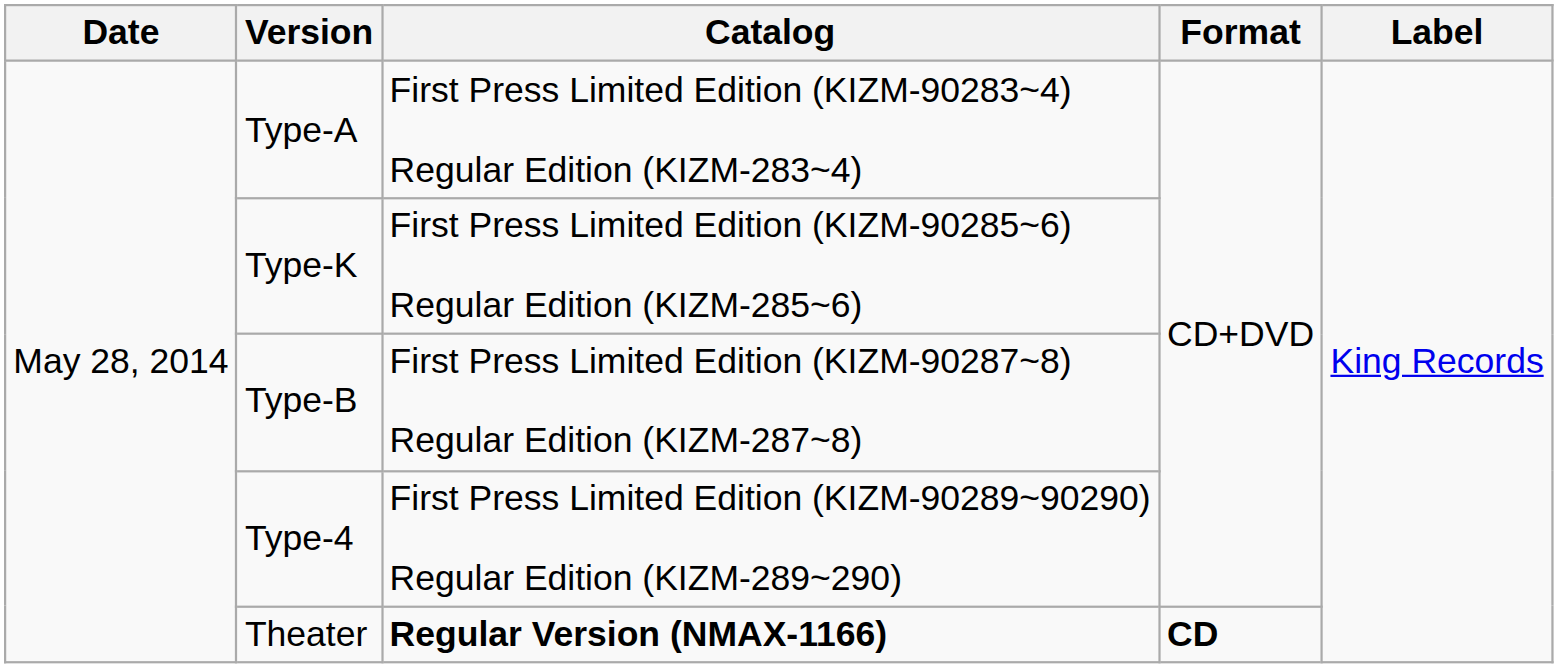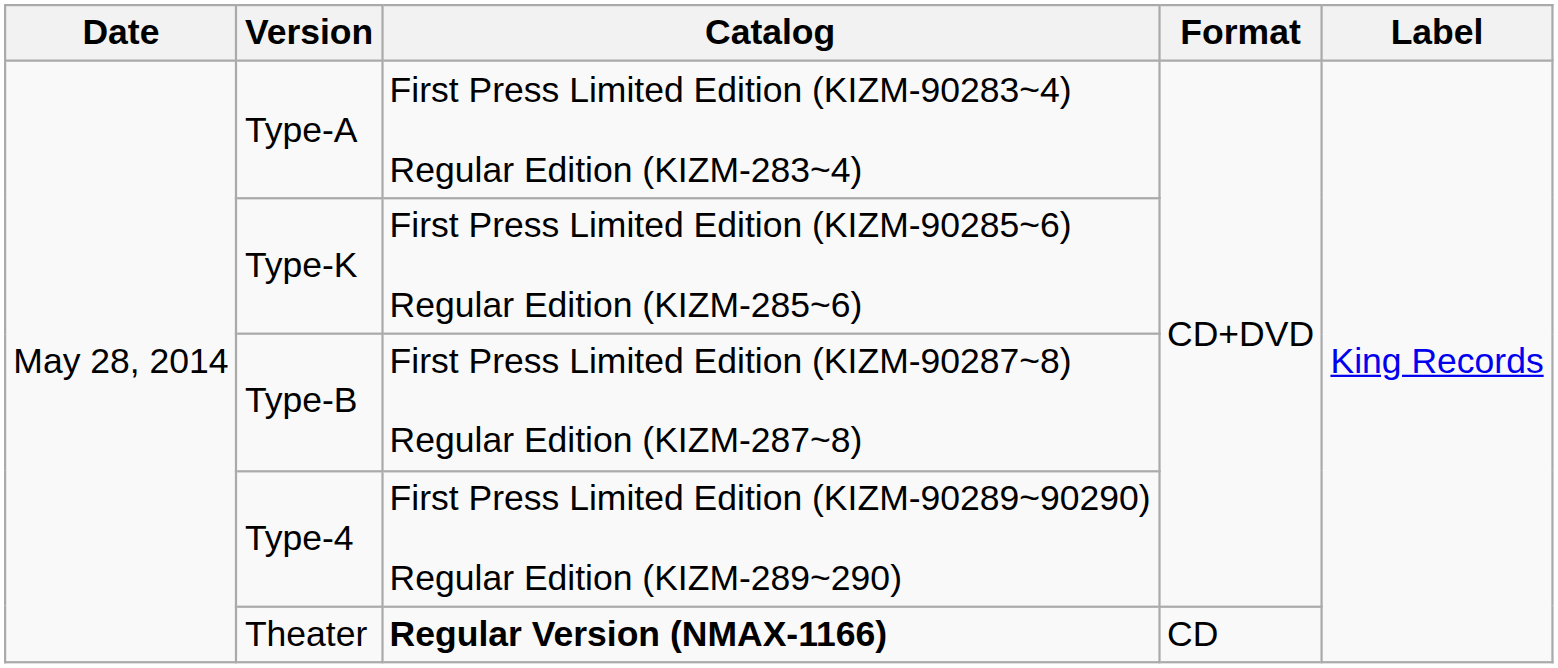 <table class="wikitable plainrowheaders">
 <tr>
 <th scope="col">Date</th>
 <th>Version</th>
 <th>Catalog</th>
 <th>Format</th>
 <th>Label</th>
 </tr>
 <tr>
 <td scope="row" rowspan="5">May 28, 2014</td>
 <td>Type-A</td>
 <td>First Press Limited Edition (KIZM-90283~4)<br><br>Regular Edition (KIZM-283~4)</td>
 <td scope="row" rowspan="4">CD+DVD</td>
 <td scope="row" rowspan="5"><a href='#'>King Records</a></td>
 </tr>
 <tr>
 <td>Type-K</td>
 <td>First Press Limited Edition (KIZM-90285~6)<br><br>Regular Edition (KIZM-285~6)</td>
 </tr>
 <tr>
 <td>Type-B</td>
 <td>First Press Limited Edition (KIZM-90287~8)<br><br>Regular Edition (KIZM-287~8)</td>
 </tr>
 <tr>
 <td>Type-4</td>
 <td>First Press Limited Edition (KIZM-90289~90290)<br><br>Regular Edition (KIZM-289~290)</td>
 </tr>
 <tr>
 <td>Theater</td>
 <td><strong>Regular Version (NMAX-1166)</strong></td>
-<td><strong>CD</strong></td>
+<td>CD</td>
 </tr>
 </table>
